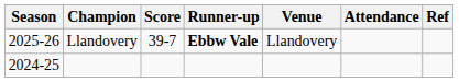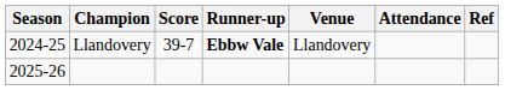 <table class="wikitable">
 <tr>
 <th>Season</th>
 <th> Champion</th>
 <th>Score</th>
 <th> Runner-up</th>
 <th>Venue</th>
 <th>Attendance</th>
 <th>Ref</th>
 </tr>
 <tr>
-<td>2025-26</td>
+<td>2024-25</td>
 <td style="text-align:right;">Llandovery</td>
 <td style="text-align:center;">39-7</td>
 <td style="text-align:left;"><strong>Ebbw Vale</strong></td>
 <td>Llandovery</td>
 <td></td>
 <td></td>
 </tr>
 <tr>
-<td>2024-25</td>
+<td>2025-26</td>
 <td style="text-align:right;"></td>
 <td style="text-align:center;"></td>
 <td style="text-align:left;"></td>
 <td></td>
 <td></td>
 </tr>
 </table>
